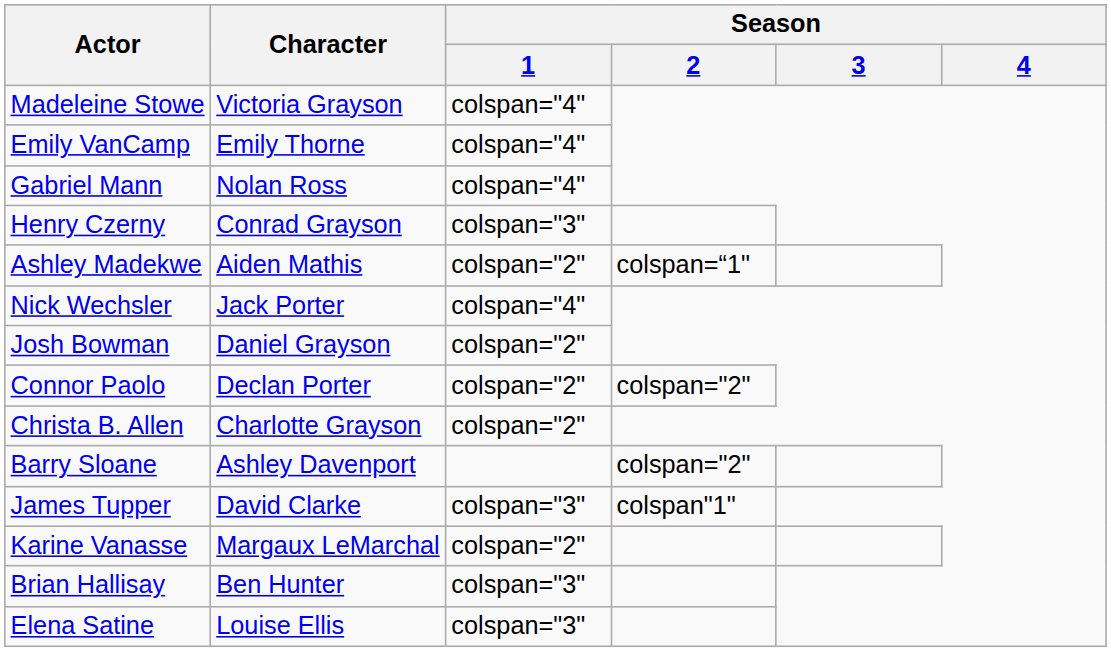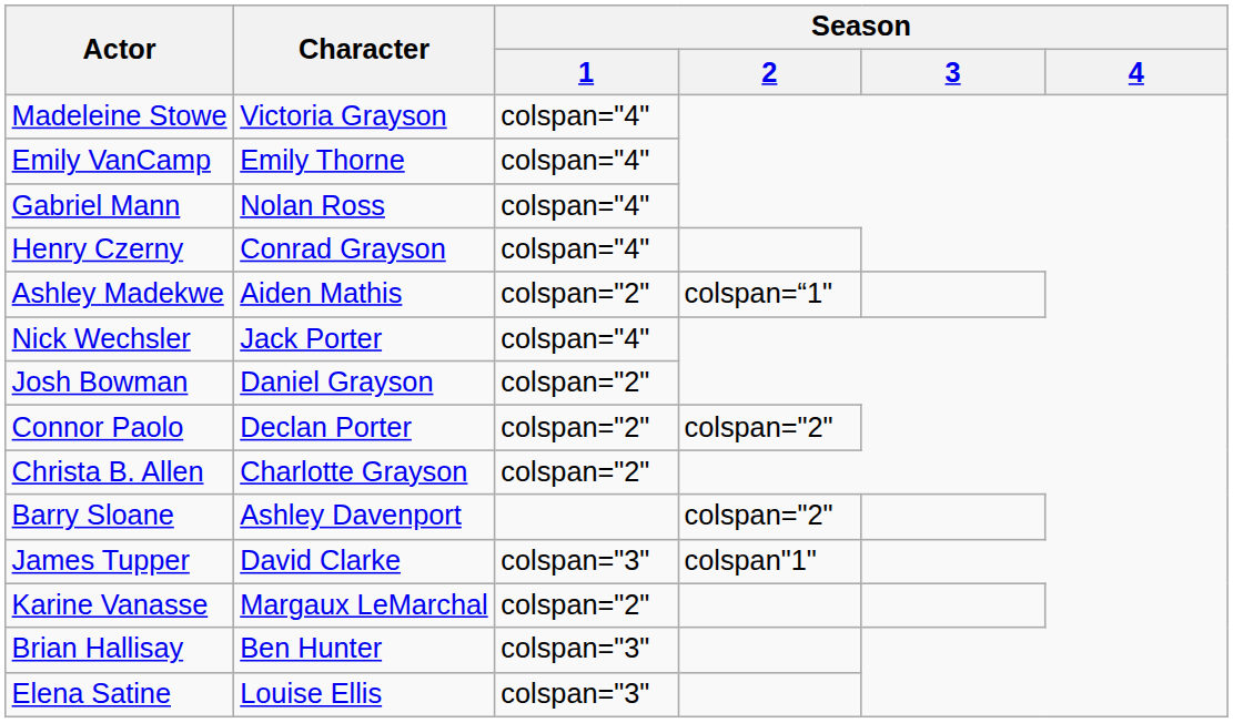 <table class="wikitable">
 <tr>
 <th rowspan="2">Actor</th>
 <th rowspan="2">Character</th>
 <th colspan="4">Season</th>
 </tr>
 <tr>
 <th ! style="width:15%;"><a href='#'>1</a></th>
 <th style="width:15%;"><a href='#'>2</a></th>
 <th style="width:15%;"><a href='#'>3</a></th>
 <th style="width:15%;"><a href='#'>4</a></th>
 </tr>
 <tr>
 <td><a href='#'>Madeleine Stowe</a></td>
 <td><a href='#'>Victoria Grayson</a></td>
 <td>colspan="4" </td>
 </tr>
 <tr>
 <td><a href='#'>Emily VanCamp</a></td>
 <td><a href='#'>Emily Thorne</a></td>
 <td>colspan="4" </td>
 </tr>
 <tr>
 <td><a href='#'>Gabriel Mann</a></td>
 <td><a href='#'>Nolan Ross</a></td>
 <td>colspan="4" </td>
 </tr>
 <tr>
 <td><a href='#'>Henry Czerny</a></td>
 <td><a href='#'>Conrad Grayson</a></td>
-<td>colspan="3" </td>
+<td>colspan="4" </td>
 <td></td>
 </tr>
 <tr>
 <td><a href='#'>Ashley Madekwe</a></td>
 <td><a href='#'>Aiden Mathis</a></td>
 <td>colspan="2" </td>
 <td>colspan=“1" </td>
 <td></td>
 </tr>
 <tr>
 <td><a href='#'>Nick Wechsler</a></td>
 <td><a href='#'>Jack Porter</a></td>
 <td>colspan="4" </td>
 </tr>
 <tr>
 <td><a href='#'>Josh Bowman</a></td>
 <td><a href='#'>Daniel Grayson</a></td>
 <td>colspan="2" </td>
 </tr>
 <tr>
 <td><a href='#'>Connor Paolo</a></td>
 <td><a href='#'>Declan Porter</a></td>
 <td>colspan="2" </td>
 <td>colspan="2" </td>
 </tr>
 <tr>
 <td><a href='#'>Christa B. Allen</a></td>
 <td><a href='#'>Charlotte Grayson</a></td>
 <td>colspan="2" </td>
 </tr>
 <tr>
 <td><a href='#'>Barry Sloane</a></td>
 <td><a href='#'>Ashley Davenport</a></td>
 <td></td>
 <td>colspan="2" </td>
 <td></td>
 </tr>
 <tr>
 <td><a href='#'>James Tupper</a></td>
 <td><a href='#'>David Clarke</a></td>
 <td>colspan="3" </td>
 <td>colspan"1" </td>
 </tr>
 <tr>
 <td><a href='#'>Karine Vanasse</a></td>
 <td><a href='#'>Margaux LeMarchal</a></td>
 <td>colspan="2" </td>
 <td></td>
 <td></td>
 </tr>
 <tr>
 <td><a href='#'>Brian Hallisay</a></td>
 <td><a href='#'>Ben Hunter</a></td>
 <td>colspan="3" </td>
 <td></td>
 </tr>
 <tr>
 <td><a href='#'>Elena Satine</a></td>
 <td><a href='#'>Louise Ellis</a></td>
 <td>colspan="3" </td>
 <td></td>
 </tr>
 </table>
